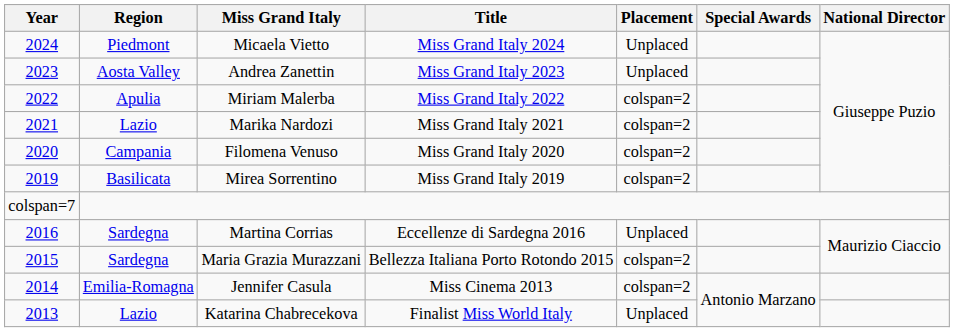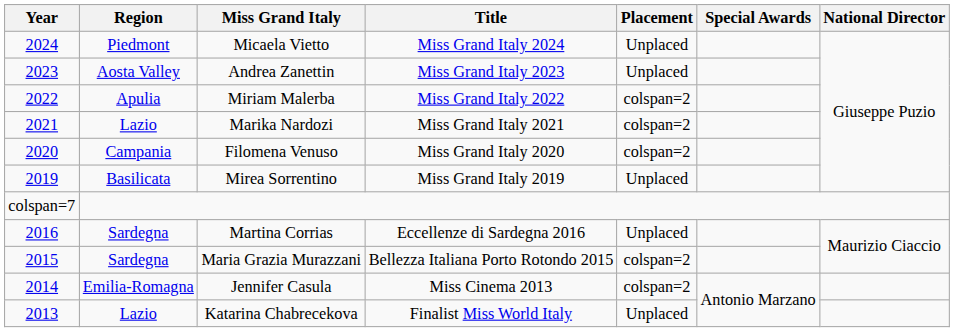 <table class="wikitable" style="font-size: 95%; text-align:center">
 <tr>
 <th>Year</th>
 <th>Region</th>
 <th>Miss Grand Italy</th>
 <th>Title</th>
 <th>Placement</th>
 <th>Special Awards</th>
 <th>National Director</th>
 </tr>
 <tr>
 <td><a href='#'>2024</a></td>
 <td><a href='#'>Piedmont</a></td>
 <td>Micaela Vietto</td>
 <td><a href='#'>Miss Grand Italy 2024</a></td>
 <td>Unplaced</td>
 <td></td>
 <td rowspan=6>Giuseppe Puzio</td>
 </tr>
 <tr>
 <td><a href='#'>2023</a></td>
 <td><a href='#'>Aosta Valley</a></td>
 <td>Andrea Zanettin</td>
 <td><a href='#'>Miss Grand Italy 2023</a></td>
 <td>Unplaced</td>
 <td></td>
 </tr>
 <tr>
 <td><a href='#'>2022</a></td>
 <td><a href='#'>Apulia</a></td>
 <td>Miriam Malerba </td>
 <td><a href='#'>Miss Grand Italy 2022</a></td>
 <td>colspan=2 </td>
 <td></td>
 </tr>
 <tr>
 <td><a href='#'>2021</a></td>
 <td><a href='#'>Lazio</a></td>
 <td>Marika Nardozi</td>
 <td>Miss Grand Italy 2021</td>
 <td>colspan=2 </td>
 <td></td>
 </tr>
 <tr>
 <td><a href='#'>2020</a></td>
 <td><a href='#'>Campania</a></td>
 <td>Filomena Venuso</td>
 <td>Miss Grand Italy 2020</td>
 <td>colspan=2 </td>
 <td></td>
 </tr>
 <tr>
 <td><a href='#'>2019</a></td>
 <td><a href='#'>Basilicata</a></td>
 <td>Mirea Sorrentino</td>
 <td>Miss Grand Italy 2019</td>
-<td>colspan=2 </td>
+<td>Unplaced</td>
 <td></td>
 </tr>
 <tr>
 <td>colspan=7</td>
 </tr>
 <tr>
 <td><a href='#'>2016</a></td>
 <td><a href='#'>Sardegna</a></td>
 <td>Martina Corrias</td>
 <td>Eccellenze di Sardegna 2016</td>
 <td>Unplaced</td>
 <td></td>
 <td rowspan=2>Maurizio Ciaccio</td>
 </tr>
 <tr>
 <td><a href='#'>2015</a></td>
 <td><a href='#'>Sardegna</a></td>
 <td>Maria Grazia Murazzani</td>
 <td>Bellezza Italiana Porto Rotondo 2015</td>
 <td>colspan=2 </td>
 <td></td>
 </tr>
 <tr>
 <td><a href='#'>2014</a></td>
 <td><a href='#'>Emilia-Romagna</a></td>
 <td>Jennifer Casula</td>
 <td>Miss Cinema 2013</td>
 <td>colspan=2 </td>
 <td rowspan="2">Antonio Marzano</td>
 </tr>
 <tr>
 <td><a href='#'>2013</a></td>
 <td><a href='#'>Lazio</a></td>
 <td>Katarina Chabrecekova</td>
 <td>Finalist <a href='#'>Miss World Italy</a></td>
 <td>Unplaced</td>
 <td></td>
 </tr>
 </table>
